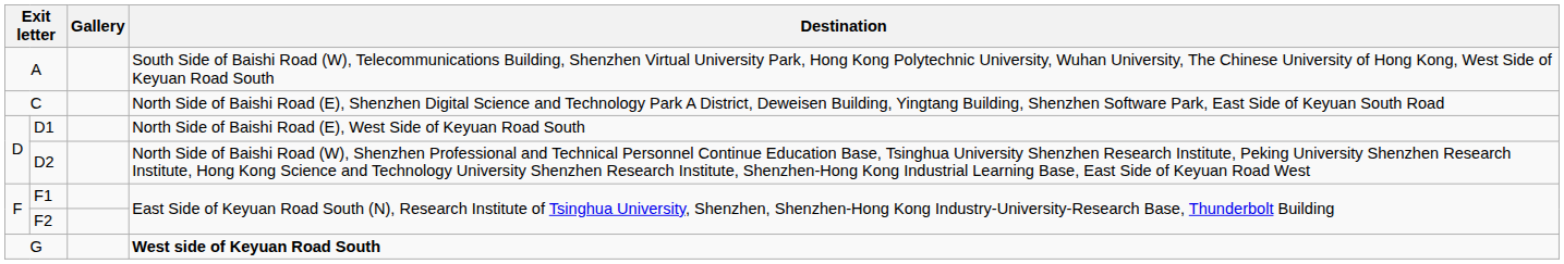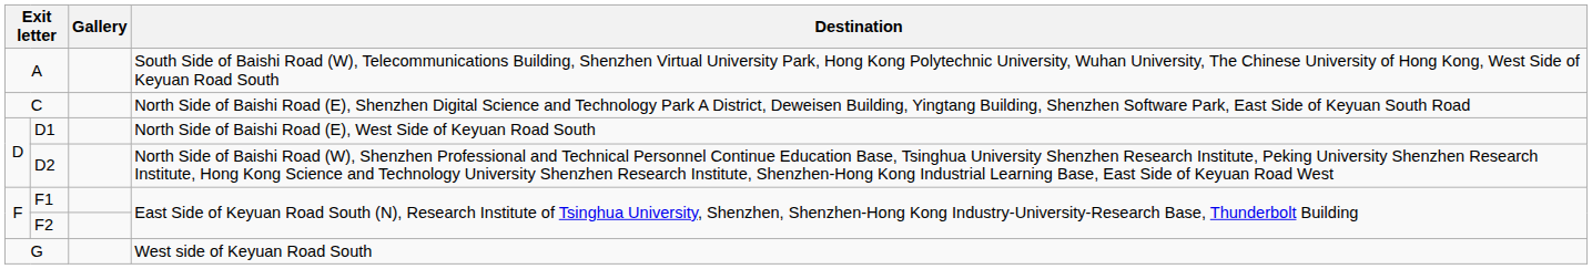 <table class="wikitable">
 <tr>
 <th style="width:70px" colspan="2">Exit letter</th>
 <th>Gallery</th>
 <th>Destination</th>
 </tr>
 <tr>
 <td align="center" colspan="2">A</td>
 <td><br></td>
 <td>South Side of Baishi Road (W), Telecommunications Building, Shenzhen Virtual University Park, Hong Kong Polytechnic University, Wuhan University, The Chinese University of Hong Kong, West Side of Keyuan Road South</td>
 </tr>
 <tr>
 <td align="center" colspan="2">C</td>
 <td></td>
 <td>North Side of Baishi Road (E), Shenzhen Digital Science and Technology Park A District, Deweisen Building, Yingtang Building, Shenzhen Software Park, East Side of Keyuan South Road</td>
 </tr>
 <tr>
 <td align="center" rowspan="2">D</td>
 <td>D1</td>
 <td></td>
 <td>North Side of Baishi Road (E), West Side of Keyuan Road South</td>
 </tr>
 <tr>
 <td>D2</td>
 <td></td>
 <td>North Side of Baishi Road (W), Shenzhen Professional and Technical Personnel Continue Education Base, Tsinghua University Shenzhen Research Institute, Peking University Shenzhen Research Institute, Hong Kong Science and Technology University Shenzhen Research Institute, Shenzhen-Hong Kong Industrial Learning Base, East Side of Keyuan Road West</td>
 </tr>
 <tr>
 <td align="center" rowspan="2">F</td>
 <td>F1</td>
 <td></td>
 <td rowspan=2>East Side of Keyuan Road South (N), Research Institute of <a href='#'>Tsinghua University</a>, Shenzhen, Shenzhen-Hong Kong Industry-University-Research Base, <a href='#'>Thunderbolt</a> Building</td>
 </tr>
 <tr>
 <td>F2</td>
 <td></td>
 </tr>
 <tr>
 <td align="center" colspan="2">G</td>
 <td></td>
-<td><strong>West side of Keyuan Road South</strong></td>
+<td>West side of Keyuan Road South</td>
 </tr>
 </table>
